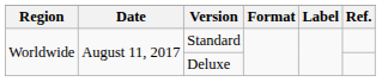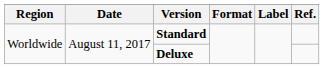 <table class="wikitable plainrowheaders">
 <tr>
 </tr>
 <tr>
 <th scope="col">Region</th>
 <th scope="col">Date</th>
 <th scope="col">Version</th>
 <th scope="col">Format</th>
 <th scope="col">Label</th>
 <th scope="col">Ref.</th>
 </tr>
 <tr>
 <td rowspan="2">Worldwide</td>
 <td rowspan="2">August 11, 2017</td>
-<td>Standard</td>
+<td><strong>Standard</strong></td>
 <td rowspan="2"></td>
 <td rowspan="2"></td>
 <td></td>
 </tr>
 <tr>
-<td>Deluxe</td>
+<td><strong>Deluxe</strong></td>
 <td></td>
 </tr>
 </table>
